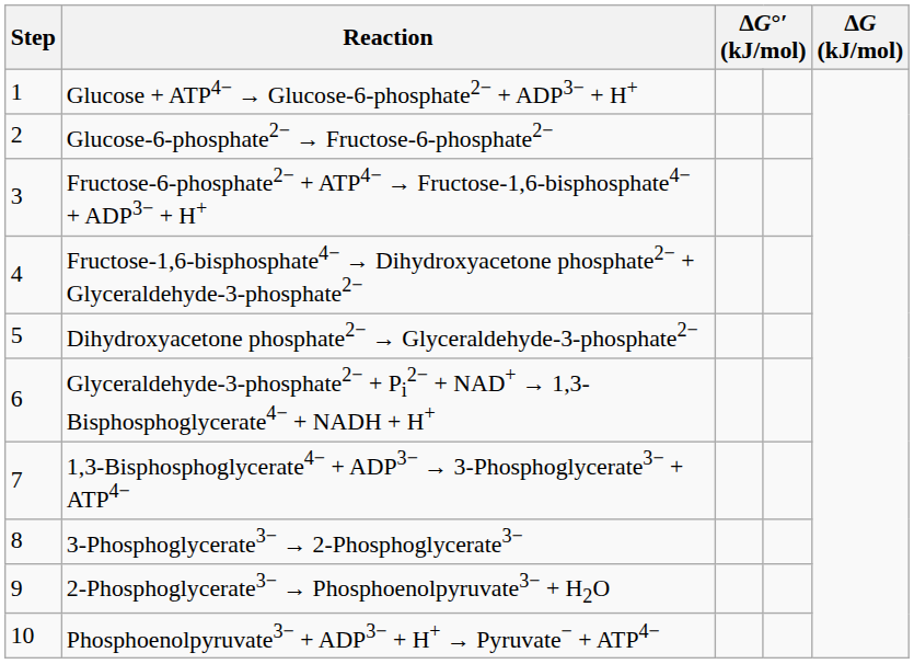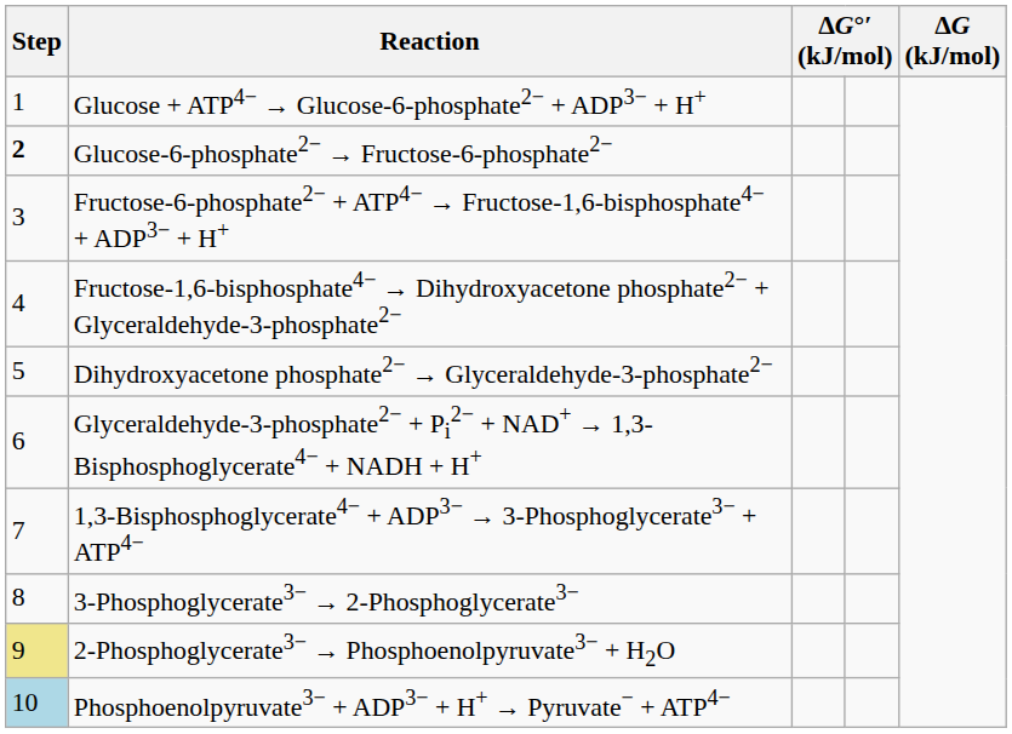 <table class="wikitable">
 <tr>
 <th>Step</th>
 <th>Reaction</th>
 <th colspan=2>Δ<em>G</em>°′ <br> (kJ/mol)</th>
 <th colspan=2>Δ<em>G</em> <br> (kJ/mol)</th>
 </tr>
 <tr>
 <td>1</td>
 <td>Glucose + ATP<sup>4−</sup> → Glucose-6-phosphate<sup>2−</sup> + ADP<sup>3−</sup> + H<sup>+</sup></td>
 <td></td>
 <td></td>
 </tr>
 <tr>
-<td>2</td>
+<td><strong>2</strong></td>
 <td>Glucose-6-phosphate<sup>2−</sup> → Fructose-6-phosphate<sup>2−</sup></td>
 <td></td>
 <td></td>
 </tr>
 <tr>
 <td>3</td>
 <td>Fructose-6-phosphate<sup>2−</sup> + ATP<sup>4−</sup> → Fructose-1,6-bisphosphate<sup>4−</sup> + ADP<sup>3−</sup> + H<sup>+</sup></td>
 <td></td>
 <td></td>
 </tr>
 <tr>
 <td>4</td>
 <td>Fructose-1,6-bisphosphate<sup>4−</sup> → Dihydroxyacetone phosphate<sup>2−</sup> + Glyceraldehyde-3-phosphate<sup>2−</sup></td>
 <td></td>
 <td></td>
 </tr>
 <tr>
 <td>5</td>
 <td>Dihydroxyacetone phosphate<sup>2−</sup> → Glyceraldehyde-3-phosphate<sup>2−</sup></td>
 <td></td>
 <td></td>
 </tr>
 <tr>
 <td>6</td>
 <td>Glyceraldehyde-3-phosphate<sup>2−</sup> + P<sub>i</sub><sup>2−</sup> + NAD<sup>+</sup> → 1,3-Bisphosphoglycerate<sup>4−</sup> + NADH + H<sup>+</sup></td>
 <td></td>
 <td></td>
 </tr>
 <tr>
 <td>7</td>
 <td>1,3-Bisphosphoglycerate<sup>4−</sup> + ADP<sup>3−</sup> → 3-Phosphoglycerate<sup>3−</sup> + ATP<sup>4−</sup></td>
 <td></td>
 <td></td>
 </tr>
 <tr>
 <td>8</td>
 <td>3-Phosphoglycerate<sup>3−</sup> → 2-Phosphoglycerate<sup>3−</sup></td>
 <td></td>
 <td></td>
 </tr>
 <tr>
-<td>9</td>
+<td style="background: khaki;">9</td>
 <td>2-Phosphoglycerate<sup>3−</sup> → Phosphoenolpyruvate<sup>3−</sup> + H<sub>2</sub>O</td>
 <td></td>
 <td></td>
 </tr>
 <tr>
-<td>10</td>
+<td style="background: lightblue;">10</td>
 <td>Phosphoenolpyruvate<sup>3−</sup> + ADP<sup>3−</sup> + H<sup>+</sup> → Pyruvate<sup>−</sup> + ATP<sup>4−</sup></td>
 <td></td>
 <td></td>
 </tr>
 </table>
